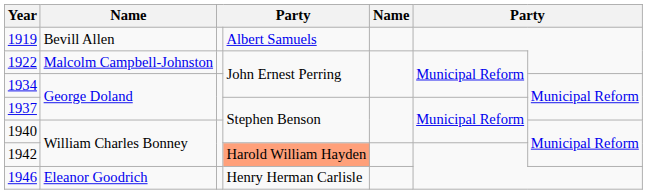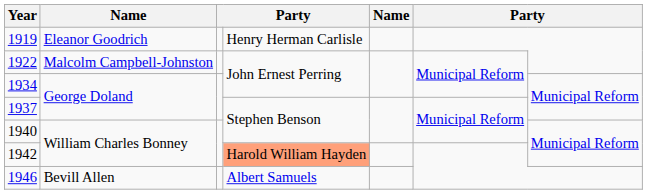 <table class="wikitable">
 <tr>
 <th>Year</th>
 <th>Name</th>
 <th colspan=2>Party</th>
 <th>Name</th>
 <th colspan=2>Party</th>
 </tr>
 <tr>
 <td><a href='#'>1919</a></td>
-<td>Bevill Allen</td>
+<td><a href='#'>Eleanor Goodrich</a></td>
 <td></td>
-<td><a href='#'>Albert Samuels</a></td>
+<td>Henry Herman Carlisle</td>
 <td></td>
 </tr>
 <tr>
 <td><a href='#'>1922</a></td>
 <td><a href='#'>Malcolm Campbell-Johnston</a></td>
 <td></td>
 <td rowspan=2>John Ernest Perring</td>
 <td rowspan=2 style="background-color: "></td>
 <td rowspan=2><a href='#'>Municipal Reform</a></td>
 </tr>
 <tr>
 <td><a href='#'>1934</a></td>
 <td rowspan=2><a href='#'>George Doland</a></td>
 <td rowspan=2 style="background-color: "></td>
 <td rowspan=2><a href='#'>Municipal Reform</a></td>
 </tr>
 <tr>
 <td><a href='#'>1937</a></td>
 <td rowspan=2>Stephen Benson</td>
 <td rowspan=2 style="background-color: "></td>
 <td rowspan=2><a href='#'>Municipal Reform</a></td>
 </tr>
 <tr>
 <td>1940</td>
 <td rowspan=2>William Charles Bonney</td>
 <td rowspan=2 style="background-color: "></td>
 <td rowspan=2><a href='#'>Municipal Reform</a></td>
 </tr>
 <tr>
 <td>1942</td>
 <td style="background: lightsalmon;">Harold William Hayden</td>
 <td></td>
 </tr>
 <tr>
 <td><a href='#'>1946</a></td>
-<td><a href='#'>Eleanor Goodrich</a></td>
+<td>Bevill Allen</td>
 <td></td>
-<td>Henry Herman Carlisle</td>
+<td><a href='#'>Albert Samuels</a></td>
 <td></td>
 </tr>
 </table>
